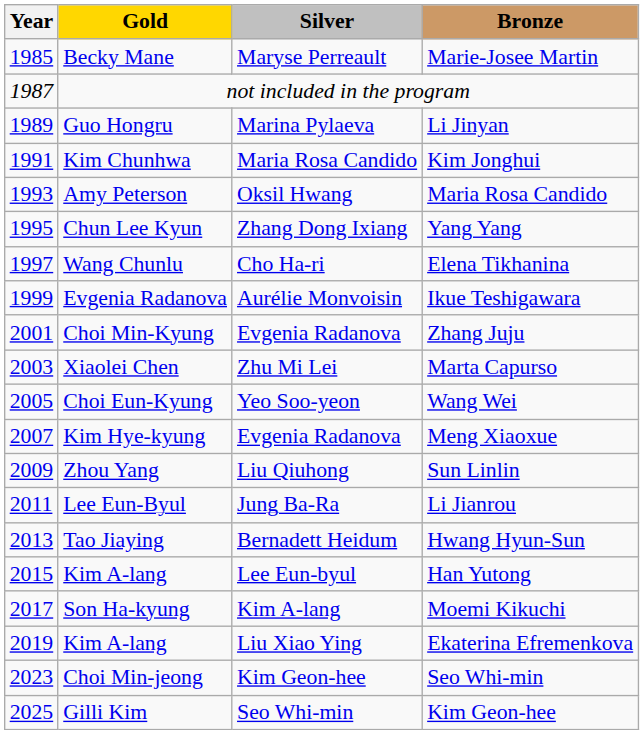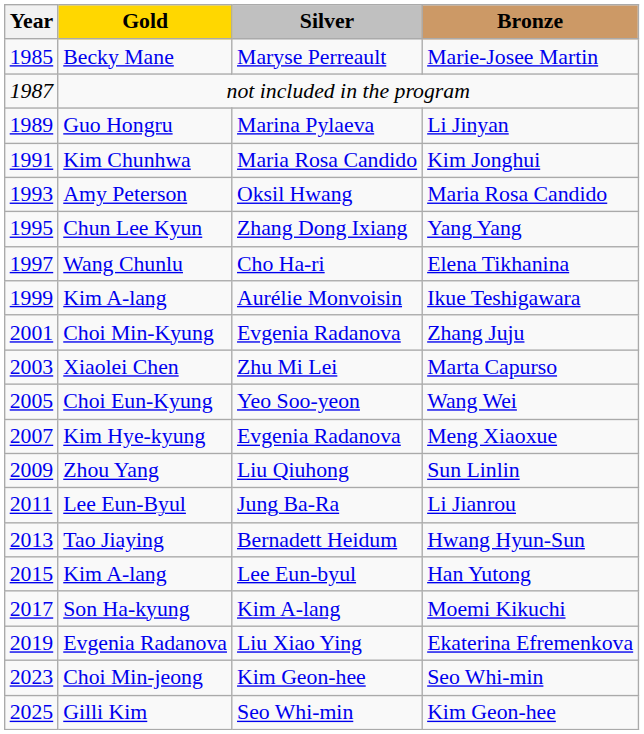 <table class="wikitable">
 <tr>
 <th>Year</th>
 <td align=center bgcolor=gold><strong>Gold</strong></td>
 <td align=center bgcolor=silver><strong>Silver</strong></td>
 <td align=center bgcolor=cc9966><strong>Bronze</strong></td>
 </tr>
 <tr>
 <td><a href='#'>1985</a></td>
 <td> <a href='#'>Becky Mane</a></td>
 <td> <a href='#'>Maryse Perreault</a></td>
 <td> <a href='#'>Marie-Josee Martin</a></td>
 </tr>
 <tr>
 <td><em>1987</em></td>
 <td colspan=3 align=center><em>not included in the program</em></td>
 </tr>
 <tr>
 <td><a href='#'>1989</a></td>
 <td> <a href='#'>Guo Hongru</a></td>
 <td> <a href='#'>Marina Pylaeva</a></td>
 <td> <a href='#'>Li Jinyan</a></td>
 </tr>
 <tr>
 <td><a href='#'>1991</a></td>
 <td> <a href='#'>Kim Chunhwa</a></td>
 <td> <a href='#'>Maria Rosa Candido</a></td>
 <td> <a href='#'>Kim Jonghui</a></td>
 </tr>
 <tr>
 <td><a href='#'>1993</a></td>
 <td> <a href='#'>Amy Peterson</a></td>
 <td> <a href='#'>Oksil Hwang</a></td>
 <td> <a href='#'>Maria Rosa Candido</a></td>
 </tr>
 <tr>
 <td><a href='#'>1995</a></td>
 <td> <a href='#'>Chun Lee Kyun</a></td>
 <td> <a href='#'>Zhang Dong Ixiang</a></td>
 <td> <a href='#'>Yang Yang</a></td>
 </tr>
 <tr>
 <td><a href='#'>1997</a></td>
 <td> <a href='#'>Wang Chunlu</a></td>
 <td> <a href='#'>Cho Ha-ri</a></td>
 <td> <a href='#'>Elena Tikhanina</a></td>
 </tr>
 <tr>
 <td><a href='#'>1999</a></td>
-<td> <a href='#'>Evgenia Radanova</a></td>
+<td> <a href='#'>Kim A-lang</a></td>
 <td> <a href='#'>Aurélie Monvoisin</a></td>
 <td> <a href='#'>Ikue Teshigawara</a></td>
 </tr>
 <tr>
 <td><a href='#'>2001</a></td>
 <td> <a href='#'>Choi Min-Kyung</a></td>
 <td> <a href='#'>Evgenia Radanova</a></td>
 <td> <a href='#'>Zhang Juju</a></td>
 </tr>
 <tr>
 <td><a href='#'>2003</a></td>
 <td> <a href='#'>Xiaolei Chen</a></td>
 <td> <a href='#'>Zhu Mi Lei</a></td>
 <td> <a href='#'>Marta Capurso</a></td>
 </tr>
 <tr>
 <td><a href='#'>2005</a></td>
 <td> <a href='#'>Choi Eun-Kyung</a></td>
 <td> <a href='#'>Yeo Soo-yeon</a></td>
 <td> <a href='#'>Wang Wei</a></td>
 </tr>
 <tr>
 <td><a href='#'>2007</a></td>
 <td> <a href='#'>Kim Hye-kyung</a></td>
 <td> <a href='#'>Evgenia Radanova</a></td>
 <td> <a href='#'>Meng Xiaoxue</a></td>
 </tr>
 <tr>
 <td><a href='#'>2009</a></td>
 <td> <a href='#'>Zhou Yang</a></td>
 <td> <a href='#'>Liu Qiuhong</a></td>
 <td> <a href='#'>Sun Linlin</a></td>
 </tr>
 <tr>
 <td><a href='#'>2011</a></td>
 <td> <a href='#'>Lee Eun-Byul</a></td>
 <td> <a href='#'>Jung Ba-Ra</a></td>
 <td> <a href='#'>Li Jianrou</a></td>
 </tr>
 <tr>
 <td><a href='#'>2013</a></td>
 <td> <a href='#'>Tao Jiaying</a></td>
 <td> <a href='#'>Bernadett Heidum</a></td>
 <td> <a href='#'>Hwang Hyun-Sun</a></td>
 </tr>
 <tr>
 <td><a href='#'>2015</a></td>
 <td> <a href='#'>Kim A-lang</a></td>
 <td> <a href='#'>Lee Eun-byul</a></td>
 <td> <a href='#'>Han Yutong</a></td>
 </tr>
 <tr>
 <td><a href='#'>2017</a></td>
 <td> <a href='#'>Son Ha-kyung</a></td>
 <td> <a href='#'>Kim A-lang</a></td>
 <td> <a href='#'>Moemi Kikuchi</a></td>
 </tr>
 <tr>
 <td><a href='#'>2019</a></td>
-<td> <a href='#'>Kim A-lang</a></td>
+<td> <a href='#'>Evgenia Radanova</a></td>
 <td> <a href='#'>Liu Xiao Ying</a></td>
 <td> <a href='#'>Ekaterina Efremenkova</a></td>
 </tr>
 <tr>
 <td><a href='#'>2023</a></td>
 <td> <a href='#'>Choi Min-jeong</a></td>
 <td> <a href='#'>Kim Geon-hee</a></td>
 <td> <a href='#'>Seo Whi-min</a></td>
 </tr>
 <tr>
 <td><a href='#'>2025</a></td>
 <td> <a href='#'>Gilli Kim</a></td>
 <td> <a href='#'>Seo Whi-min</a></td>
 <td> <a href='#'>Kim Geon-hee</a></td>
 </tr>
 </table>
